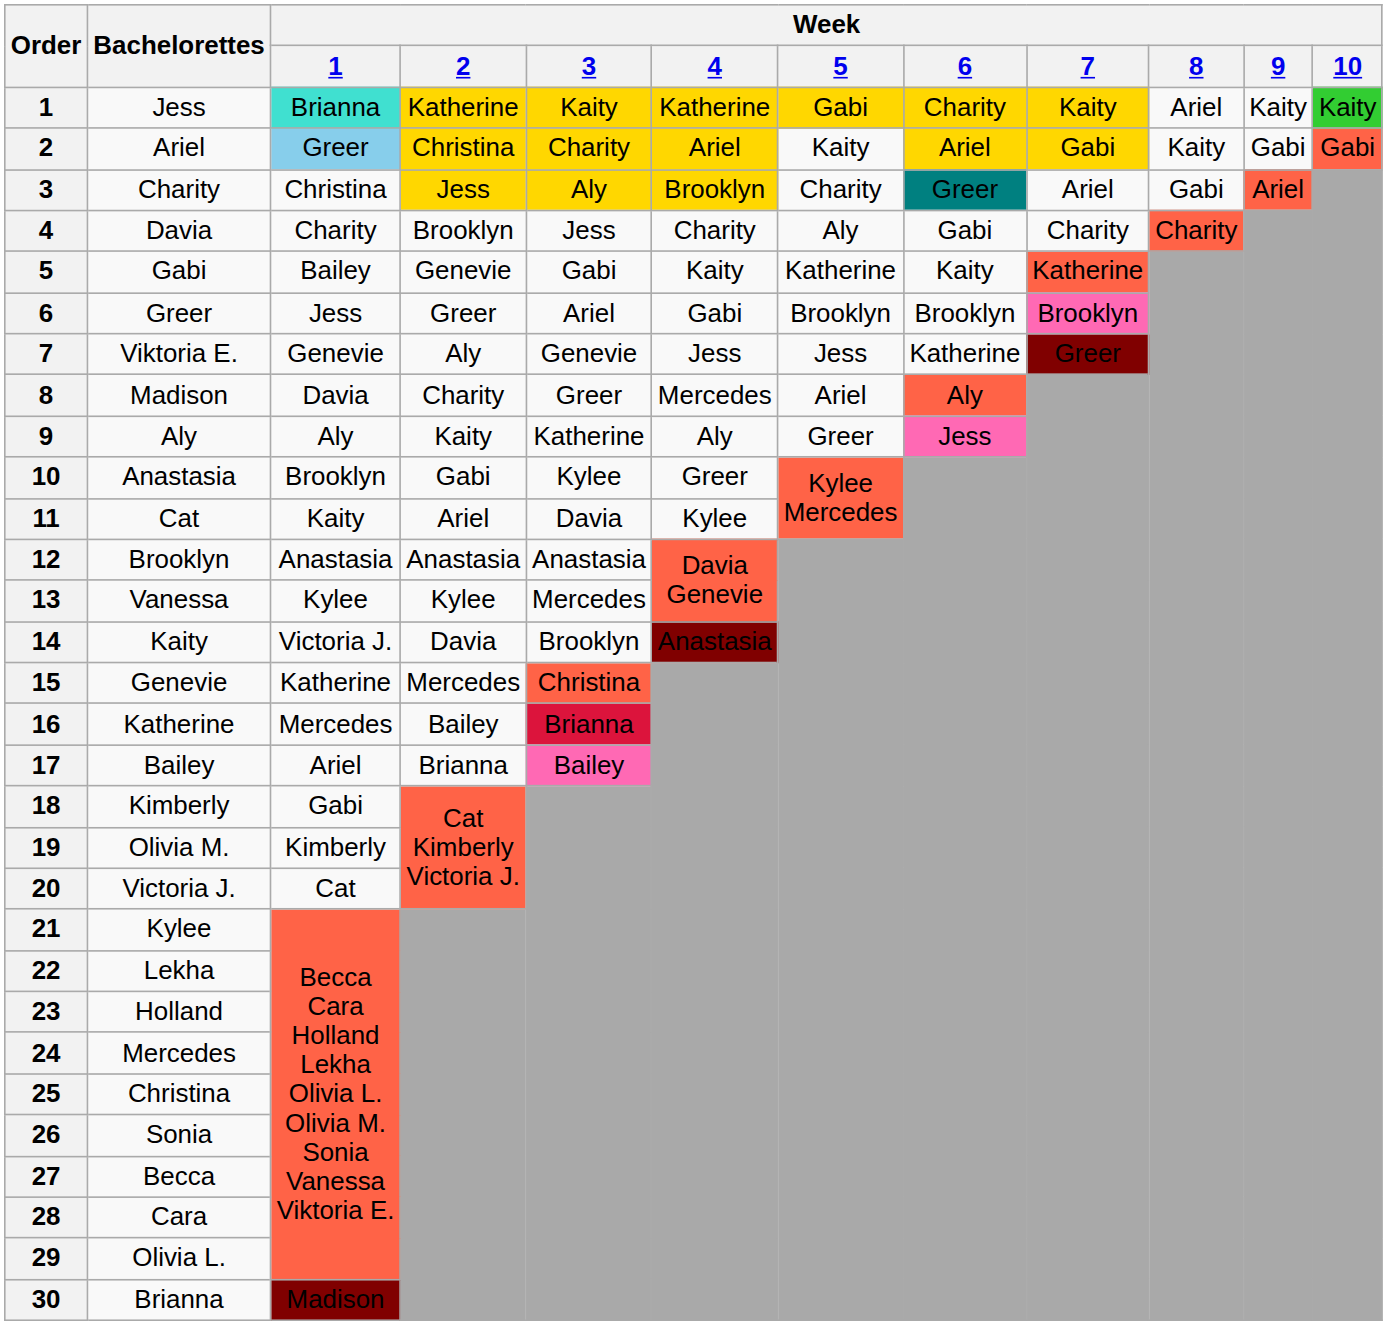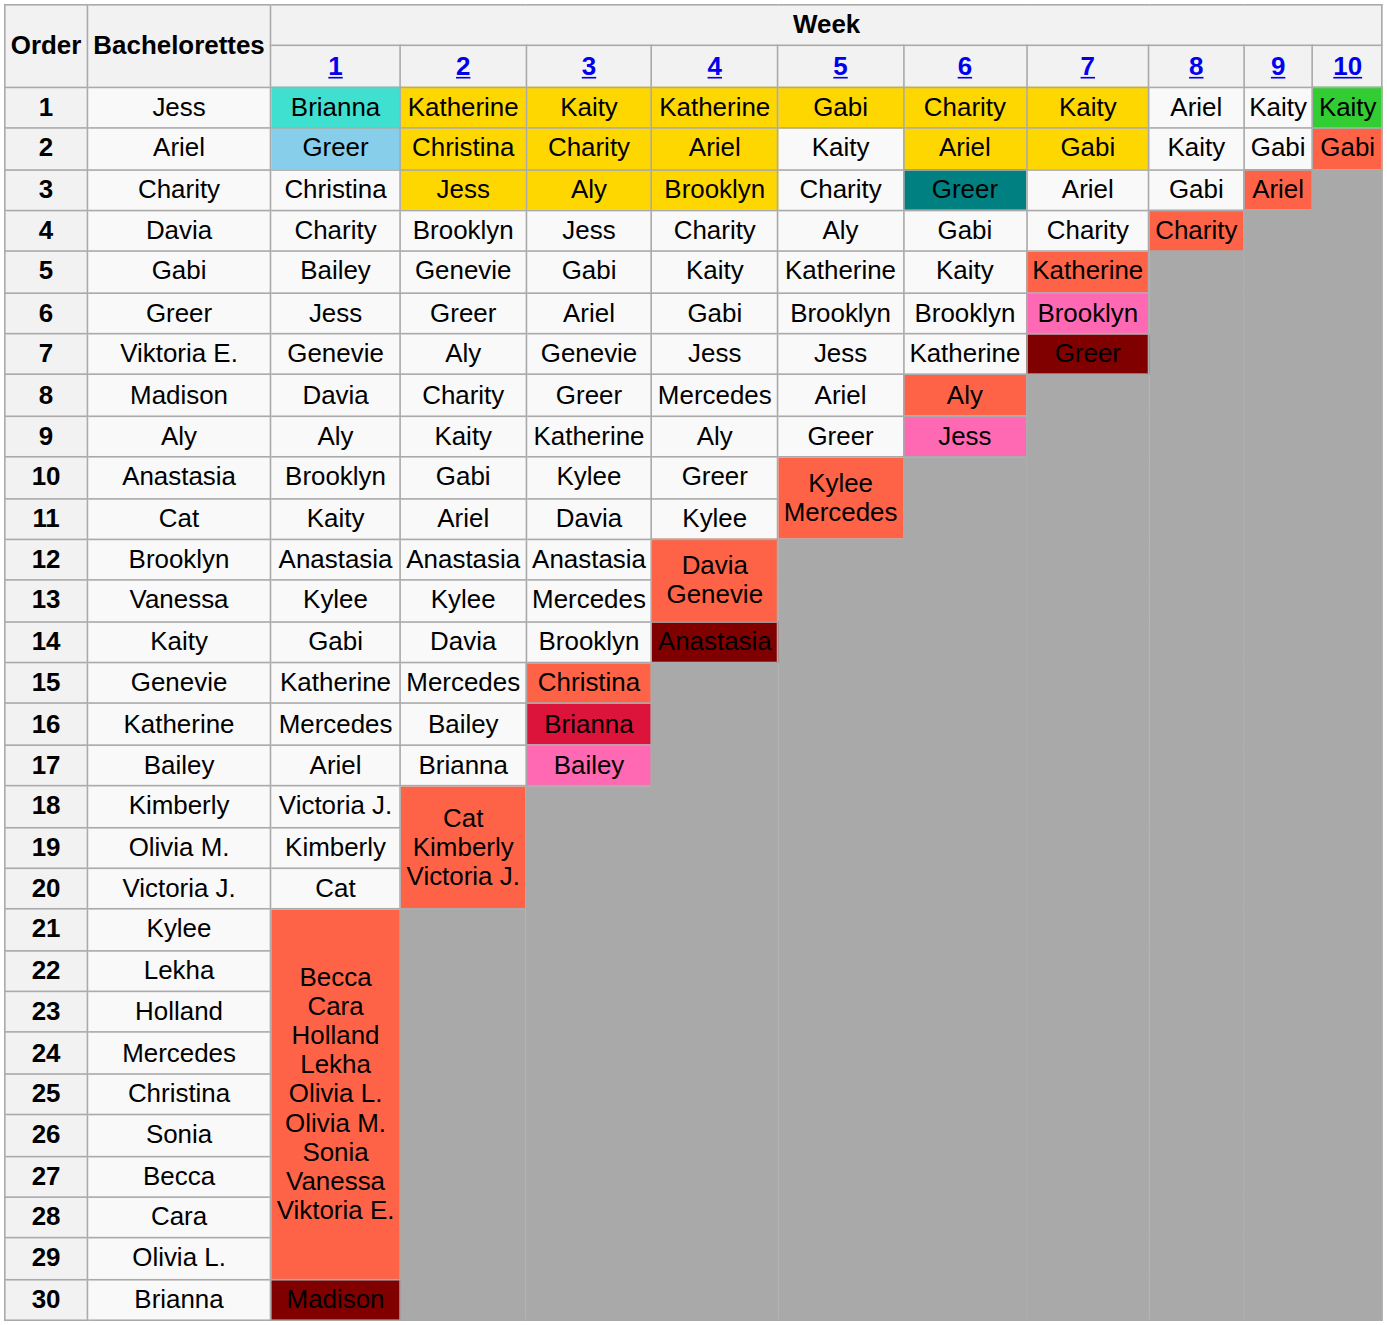 <table class="wikitable nowrap" style="text-align:center;">
 <tr>
 <th rowspan="2">Order</th>
 <th rowspan="2">Bachelorettes</th>
 <th colspan="10">Week</th>
 </tr>
 <tr>
 <th><a href='#'>1</a></th>
 <th><a href='#'>2</a></th>
 <th><a href='#'>3</a></th>
 <th><a href='#'>4</a></th>
 <th><a href='#'>5</a></th>
 <th><a href='#'>6</a></th>
 <th><a href='#'>7</a></th>
 <th><a href='#'>8</a></th>
 <th><a href='#'>9</a></th>
 <th><a href='#'>10</a></th>
 </tr>
 <tr>
 <th>1</th>
 <td>Jess</td>
 <td style="background:turquoise">Brianna</td>
 <td style="background:gold">Katherine</td>
 <td style="background:gold">Kaity</td>
 <td style="background:gold">Katherine</td>
 <td style="background:gold">Gabi</td>
 <td style="background:gold">Charity</td>
 <td style="background:gold">Kaity</td>
 <td>Ariel</td>
 <td>Kaity</td>
 <td bgcolor="limegreen">Kaity</td>
 </tr>
 <tr>
 <th>2</th>
 <td>Ariel</td>
 <td style="background:skyblue">Greer</td>
 <td style="background:gold">Christina</td>
 <td style="background:gold">Charity</td>
 <td style="background:gold">Ariel</td>
 <td>Kaity</td>
 <td style="background:gold">Ariel</td>
 <td style="background:gold">Gabi</td>
 <td>Kaity</td>
 <td>Gabi</td>
 <td bgcolor="tomato">Gabi</td>
 </tr>
 <tr>
 <th>3</th>
 <td>Charity</td>
 <td>Christina</td>
 <td style="background:gold">Jess</td>
 <td style="background:gold">Aly</td>
 <td style="background:gold">Brooklyn</td>
 <td>Charity</td>
 <td style="background:teal"><span>Greer</span></td>
 <td>Ariel</td>
 <td>Gabi</td>
 <td bgcolor="tomato">Ariel</td>
 <td rowspan="28" bgcolor="darkgray"></td>
 </tr>
 <tr>
 <th>4</th>
 <td>Davia</td>
 <td>Charity</td>
 <td>Brooklyn</td>
 <td>Jess</td>
 <td>Charity</td>
 <td>Aly</td>
 <td>Gabi</td>
 <td>Charity</td>
 <td bgcolor="tomato">Charity</td>
 <td rowspan="27" bgcolor="darkgray"></td>
 </tr>
 <tr>
 <th>5</th>
 <td>Gabi</td>
 <td>Bailey</td>
 <td>Genevie</td>
 <td>Gabi</td>
 <td>Kaity</td>
 <td>Katherine</td>
 <td>Kaity</td>
 <td bgcolor="tomato">Katherine</td>
 <td rowspan="26" bgcolor="darkgray"></td>
 </tr>
 <tr>
 <th>6</th>
 <td>Greer</td>
 <td>Jess</td>
 <td>Greer</td>
 <td>Ariel</td>
 <td>Gabi</td>
 <td>Brooklyn</td>
 <td>Brooklyn</td>
 <td bgcolor="hotpink">Brooklyn</td>
 </tr>
 <tr>
 <th>7</th>
 <td>Viktoria E.</td>
 <td>Genevie</td>
 <td>Aly</td>
 <td>Genevie</td>
 <td>Jess</td>
 <td>Jess</td>
 <td>Katherine</td>
 <td bgcolor="maroon"><span>Greer</span></td>
 </tr>
 <tr>
 <th>8</th>
 <td>Madison</td>
 <td>Davia</td>
 <td>Charity</td>
 <td>Greer</td>
 <td>Mercedes</td>
 <td>Ariel</td>
 <td bgcolor="tomato">Aly</td>
 <td rowspan="23" bgcolor="darkgray"></td>
 </tr>
 <tr>
 <th>9</th>
 <td>Aly</td>
 <td>Aly</td>
 <td>Kaity</td>
 <td>Katherine</td>
 <td>Aly</td>
 <td>Greer</td>
 <td bgcolor="hotpink">Jess</td>
 </tr>
 <tr>
 <th>10</th>
 <td>Anastasia</td>
 <td>Brooklyn</td>
 <td>Gabi</td>
 <td>Kylee</td>
 <td>Greer</td>
 <td rowspan="2" bgcolor="tomato">Kylee<br>Mercedes</td>
 <td rowspan="21" bgcolor="darkgray"></td>
 </tr>
 <tr>
 <th>11</th>
 <td>Cat</td>
 <td>Kaity</td>
 <td>Ariel</td>
 <td>Davia</td>
 <td>Kylee</td>
 </tr>
 <tr>
 <th>12</th>
 <td>Brooklyn</td>
 <td>Anastasia</td>
 <td>Anastasia</td>
 <td>Anastasia</td>
 <td rowspan="2" bgcolor="tomato">Davia<br>Genevie</td>
 <td rowspan="19" bgcolor="darkgray"></td>
 </tr>
 <tr>
 <th>13</th>
 <td>Vanessa</td>
 <td>Kylee</td>
 <td>Kylee</td>
 <td>Mercedes</td>
 </tr>
 <tr>
 <th>14</th>
 <td>Kaity</td>
-<td>Victoria J.</td>
+<td>Gabi</td>
 <td>Davia</td>
 <td>Brooklyn</td>
 <td bgcolor="maroon"><span>Anastasia</span></td>
 </tr>
 <tr>
 <th>15</th>
 <td>Genevie</td>
 <td>Katherine</td>
 <td>Mercedes</td>
 <td bgcolor="tomato">Christina</td>
 <td rowspan="16" bgcolor="darkgray"></td>
 </tr>
 <tr>
 <th>16</th>
 <td>Katherine</td>
 <td>Mercedes</td>
 <td>Bailey</td>
 <td bgcolor="crimson"><span>Brianna</span></td>
 </tr>
 <tr>
 <th>17</th>
 <td>Bailey</td>
 <td>Ariel</td>
 <td>Brianna</td>
 <td bgcolor="hotpink">Bailey</td>
 </tr>
 <tr>
 <th>18</th>
 <td>Kimberly</td>
-<td>Gabi</td>
+<td>Victoria J.</td>
 <td rowspan="3" bgcolor="tomato">Cat<br>Kimberly<br>Victoria J.</td>
 <td rowspan="13" bgcolor="darkgray"></td>
 </tr>
 <tr>
 <th>19</th>
 <td>Olivia M.</td>
 <td>Kimberly</td>
 </tr>
 <tr>
 <th>20</th>
 <td>Victoria J.</td>
 <td>Cat</td>
 </tr>
 <tr>
 <th>21</th>
 <td>Kylee</td>
 <td rowspan="9" bgcolor="tomato">Becca<br>Cara<br>Holland<br>Lekha<br>Olivia L.<br>Olivia M.<br>Sonia<br>Vanessa<br>Viktoria E.</td>
 <td rowspan="10" bgcolor="darkgray"></td>
 </tr>
 <tr>
 <th>22</th>
 <td>Lekha</td>
 </tr>
 <tr>
 <th>23</th>
 <td>Holland</td>
 </tr>
 <tr>
 <th>24</th>
 <td>Mercedes</td>
 </tr>
 <tr>
 <th>25</th>
 <td>Christina</td>
 </tr>
 <tr>
 <th>26</th>
 <td>Sonia</td>
 </tr>
 <tr>
 <th>27</th>
 <td>Becca</td>
 </tr>
 <tr>
 <th>28</th>
 <td>Cara</td>
 </tr>
 <tr>
 <th>29</th>
 <td>Olivia L.</td>
 </tr>
 <tr>
 <th>30</th>
 <td>Brianna</td>
 <td bgcolor="maroon"><span>Madison</span></td>
 </tr>
 </table>
